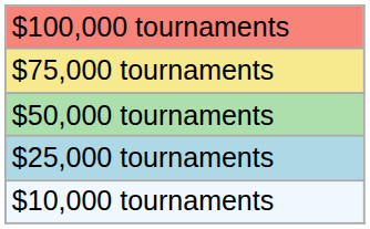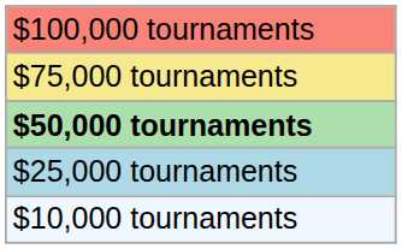 <table class="wikitable" style="font-size:85%;" width=14%>
 <tr bgcolor="#F88379">
 <td>$100,000 tournaments</td>
 </tr>
 <tr bgcolor="#F7E98E">
 <td>$75,000 tournaments</td>
 </tr>
 <tr bgcolor="#ADDFAD">
-<td>$50,000 tournaments</td>
+<td><strong>$50,000 tournaments</strong></td>
 </tr>
 <tr bgcolor="lightblue">
 <td>$25,000 tournaments</td>
 </tr>
 <tr bgcolor="#f0f8ff">
 <td>$10,000 tournaments</td>
 </tr>
 </table>
